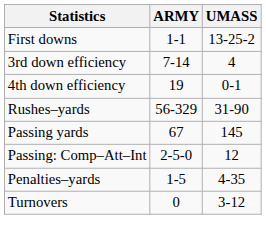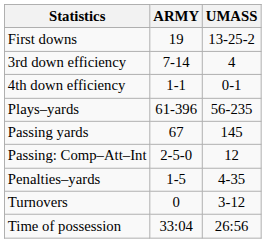 <table class="wikitable">
 <tr>
 <th>Statistics</th>
 <th>ARMY</th>
 <th>UMASS</th>
 </tr>
 <tr>
 <td>First downs</td>
-<td align=center>1-1</td>
+<td align=center>19</td>
 <td align=center>13-25-2</td>
 </tr>
 <tr>
 <td>3rd down efficiency</td>
 <td align=center>7-14</td>
 <td align=center>4</td>
 </tr>
 <tr>
 <td>4th down efficiency</td>
-<td align=center>19</td>
+<td align=center>1-1</td>
 <td align=center>0-1</td>
 </tr>
 <tr>
-<td>Rushes–yards</td>
-<td align=center>56-329</td>
-<td align=center>31-90</td>
+<td>Plays–yards</td>
+<td align=center>61-396</td>
+<td align=center>56-235</td>
 </tr>
 <tr>
 <td>Passing yards</td>
 <td align=center>67</td>
 <td align=center>145</td>
 </tr>
 <tr>
 <td>Passing: Comp–Att–Int</td>
 <td align=center>2-5-0</td>
 <td align=center>12</td>
 </tr>
 <tr>
 <td>Penalties–yards</td>
 <td align=center>1-5</td>
 <td align=center>4-35</td>
 </tr>
 <tr>
 <td>Turnovers</td>
 <td align=center>0</td>
 <td align=center>3-12</td>
 </tr>
+<tr>
+<td>Time of possession</td>
+<td align=center>33:04</td>
+<td align=center>26:56</td>
+</tr>
 </table>
